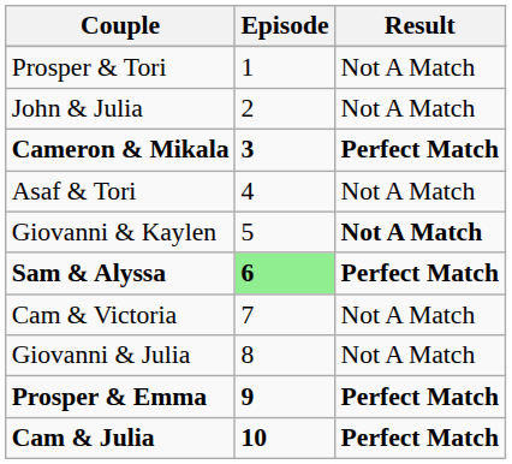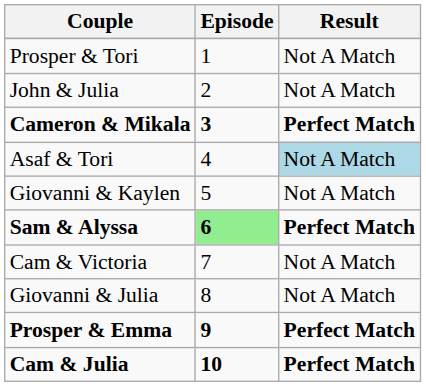 <table class="wikitable">
 <tr valign="bottom">
 <th>Couple</th>
 <th>Episode</th>
 <th>Result</th>
 </tr>
 <tr valign="top">
 </tr>
 <tr>
 <td>Prosper & Tori</td>
 <td>1</td>
 <td>Not A Match</td>
 </tr>
 <tr>
 <td>John & Julia</td>
 <td>2</td>
 <td>Not A Match</td>
 </tr>
 <tr>
 <td><strong>Cameron & Mikala</strong></td>
 <td><strong>3</strong></td>
 <td><strong>Perfect Match</strong></td>
 </tr>
 <tr>
 <td>Asaf & Tori</td>
 <td>4</td>
-<td>Not A Match</td>
+<td style="background: lightblue;">Not A Match</td>
 </tr>
 <tr>
 <td>Giovanni & Kaylen</td>
 <td>5</td>
-<td><strong>Not A Match</strong></td>
+<td>Not A Match</td>
 </tr>
 <tr>
 <td><strong>Sam & Alyssa</strong></td>
 <td style="background: lightgreen;"><strong>6</strong></td>
 <td><strong>Perfect Match</strong></td>
 </tr>
 <tr>
 <td>Cam & Victoria</td>
 <td>7</td>
 <td>Not A Match</td>
 </tr>
 <tr>
 <td>Giovanni & Julia</td>
 <td>8</td>
 <td>Not A Match</td>
 </tr>
 <tr>
 <td><strong>Prosper & Emma</strong></td>
 <td><strong>9</strong></td>
 <td><strong>Perfect Match</strong></td>
 </tr>
 <tr>
 <td><strong>Cam & Julia</strong></td>
 <td><strong>10</strong></td>
 <td><strong>Perfect Match</strong></td>
 </tr>
 </table>
